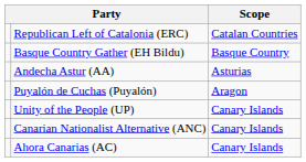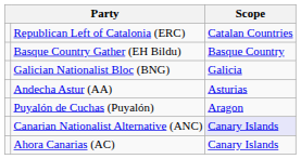 <table class="wikitable" style="text-align:left;">
 <tr>
 <th colspan="2">Party</th>
 <th>Scope</th>
 </tr>
 <tr>
 <td width="1"></td>
 <td><a href='#'>Republican Left of Catalonia</a> (ERC)</td>
 <td><a href='#'>Catalan Countries</a></td>
 </tr>
 <tr>
 <td></td>
 <td><a href='#'>Basque Country Gather</a> (EH Bildu)</td>
 <td><a href='#'>Basque Country</a></td>
 </tr>
 <tr>
 <td></td>
+<td><a href='#'>Galician Nationalist Bloc</a> (BNG)</td>
+<td><a href='#'>Galicia</a></td>
+</tr>
+<tr>
+<td></td>
 <td><a href='#'>Andecha Astur</a> (AA)</td>
 <td><a href='#'>Asturias</a></td>
 </tr>
 <tr>
 <td></td>
 <td><a href='#'>Puyalón de Cuchas</a> (Puyalón)</td>
 <td><a href='#'>Aragon</a></td>
 </tr>
 <tr>
 <td></td>
-<td><a href='#'>Unity of the People</a> (UP)</td>
-<td><a href='#'>Canary Islands</a></td>
-</tr>
-<tr>
-<td></td>
 <td><a href='#'>Canarian Nationalist Alternative</a> (ANC)</td>
-<td><a href='#'>Canary Islands</a></td>
+<td style="background: lavender;"><a href='#'>Canary Islands</a></td>
 </tr>
 <tr>
 <td></td>
 <td><a href='#'>Ahora Canarias</a> (AC)</td>
 <td><a href='#'>Canary Islands</a></td>
 </tr>
 </table>
